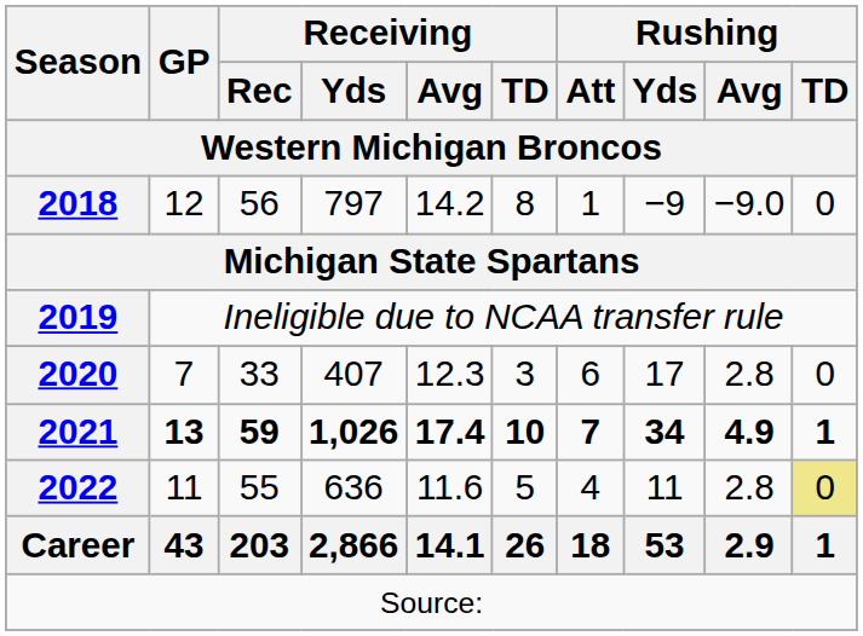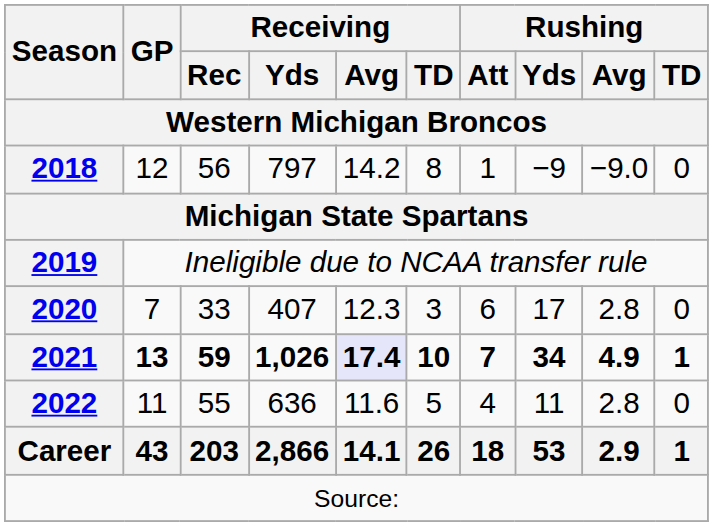 <table class="wikitable" style="text-align:center;">
 <tr>
 <th rowspan="2">Season</th>
 <th rowspan="2">GP</th>
 <th colspan="4">Receiving</th>
 <th colspan="4">Rushing</th>
 </tr>
 <tr>
 <th>Rec</th>
 <th>Yds</th>
 <th>Avg</th>
 <th>TD</th>
 <th>Att</th>
 <th>Yds</th>
 <th>Avg</th>
 <th>TD</th>
 </tr>
 <tr>
 <th colspan="16">Western Michigan Broncos</th>
 </tr>
 <tr>
 <th><a href='#'>2018</a></th>
 <td>12</td>
 <td>56</td>
 <td>797</td>
 <td>14.2</td>
 <td>8</td>
 <td>1</td>
 <td>−9</td>
 <td>−9.0</td>
 <td>0</td>
 </tr>
 <tr>
 <th colspan="16">Michigan State Spartans</th>
 </tr>
 <tr>
 <th><a href='#'>2019</a></th>
 <td colspan="10"><em>Ineligible due to NCAA transfer rule</em></td>
 </tr>
 <tr>
 <th><a href='#'>2020</a></th>
 <td>7</td>
 <td>33</td>
 <td>407</td>
 <td>12.3</td>
 <td>3</td>
 <td>6</td>
 <td>17</td>
 <td>2.8</td>
 <td>0</td>
 </tr>
 <tr>
 <th><a href='#'>2021</a></th>
 <td><strong>13</strong></td>
 <td><strong>59</strong></td>
 <td><strong>1,026</strong></td>
-<td><strong>17.4</strong></td>
+<td style="background: lavender;"><strong>17.4</strong></td>
 <td><strong>10</strong></td>
 <td><strong>7</strong></td>
 <td><strong>34</strong></td>
 <td><strong>4.9</strong></td>
 <td><strong>1</strong></td>
 </tr>
 <tr>
 <th><a href='#'>2022</a></th>
 <td>11</td>
 <td>55</td>
 <td>636</td>
 <td>11.6</td>
 <td>5</td>
 <td>4</td>
 <td>11</td>
 <td>2.8</td>
-<td style="background: khaki;">0</td>
+<td>0</td>
 </tr>
 <tr>
 <th>Career</th>
 <th>43</th>
 <th>203</th>
 <th>2,866</th>
 <th>14.1</th>
 <th>26</th>
 <th>18</th>
 <th>53</th>
 <th>2.9</th>
 <th>1</th>
 </tr>
 <tr>
 <td colspan="10"><small>Source: </small></td>
 </tr>
 </table>
